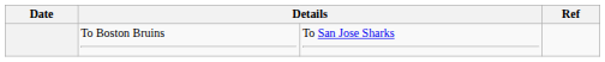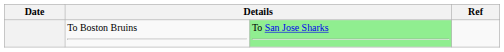 <table class="wikitable plainrowheaders" style="width: 50em;">
 <tr>
 <th scope="col">Date</th>
 <th scope="col" colspan="2">Details</th>
 <th scope="col">Ref</th>
 </tr>
 <tr>
 <th scope="row"></th>
 <td valign="top">To Boston Bruins <hr></td>
-<td valign="top">To <a href='#'>San Jose Sharks</a> <hr></td>
+<td valign="top" style="background: lightgreen;">To <a href='#'>San Jose Sharks</a> <hr></td>
 <td></td>
 </tr>
 </table>
